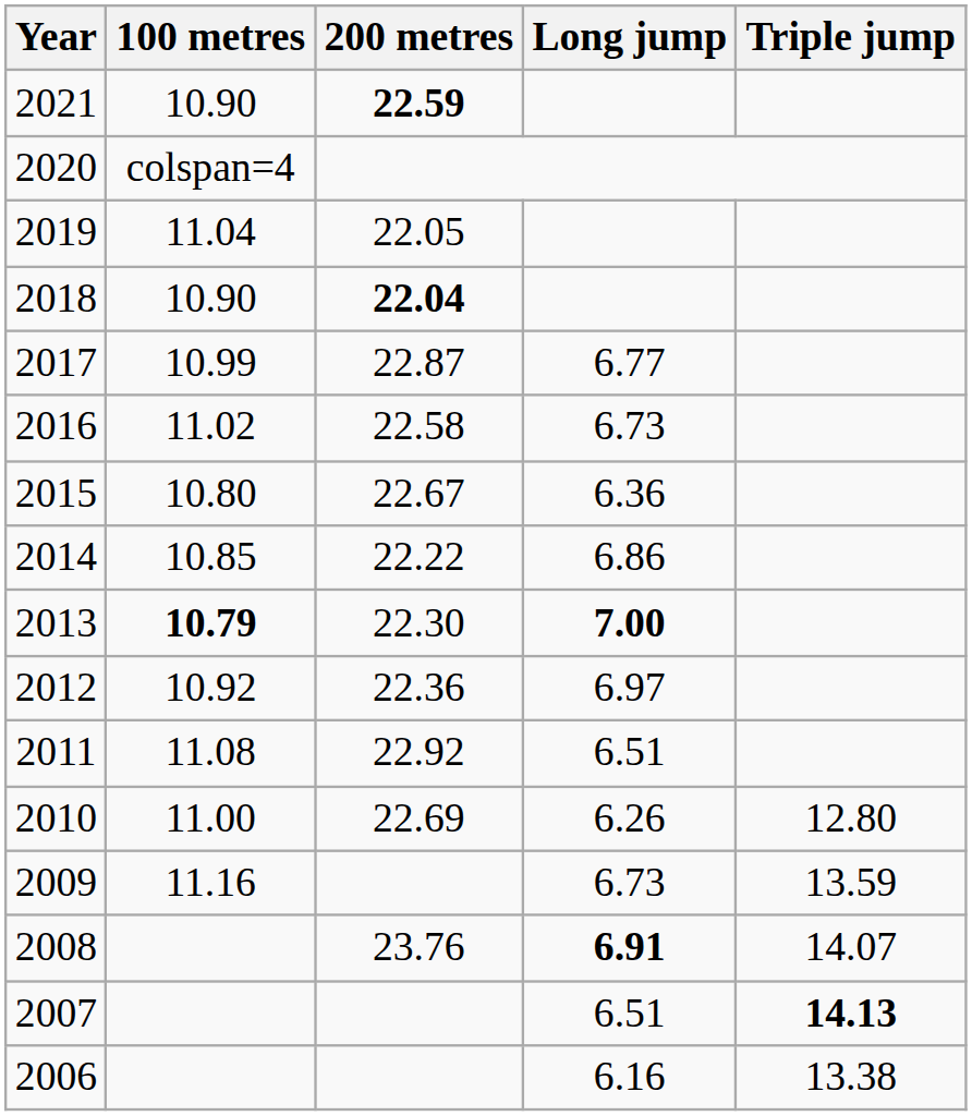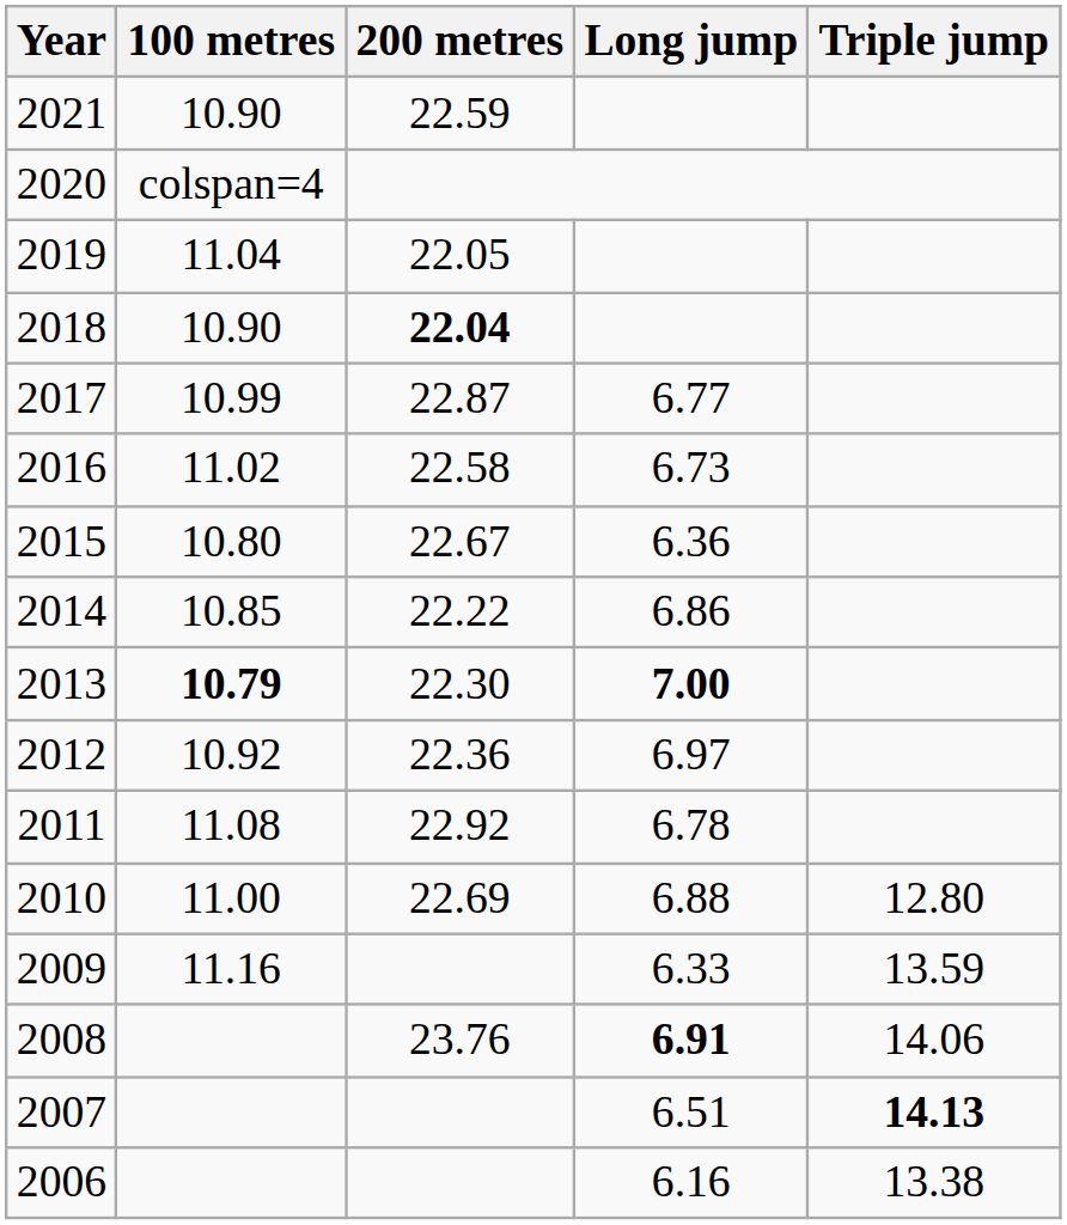 <table class=wikitable style=text-align:center>
 <tr>
 <th>Year</th>
 <th>100 metres</th>
 <th>200 metres</th>
 <th>Long jump</th>
 <th>Triple jump</th>
 </tr>
 <tr>
 <td>2021</td>
 <td>10.90</td>
-<td><strong>22.59</strong></td>
+<td>22.59</td>
 <td></td>
 <td></td>
 </tr>
 <tr>
 <td>2020</td>
 <td>colspan=4 </td>
 </tr>
 <tr>
 <td>2019</td>
 <td>11.04</td>
 <td>22.05</td>
 <td></td>
 <td></td>
 </tr>
 <tr>
 <td>2018</td>
 <td>10.90</td>
 <td><strong>22.04</strong></td>
 <td></td>
 <td></td>
 </tr>
 <tr>
 <td>2017</td>
 <td>10.99</td>
 <td>22.87</td>
 <td>6.77</td>
 <td></td>
 </tr>
 <tr>
 <td>2016</td>
 <td>11.02</td>
 <td>22.58</td>
 <td>6.73</td>
 <td></td>
 </tr>
 <tr>
 <td>2015</td>
 <td>10.80</td>
 <td>22.67</td>
 <td>6.36</td>
 <td></td>
 </tr>
 <tr>
 <td>2014</td>
 <td>10.85</td>
 <td>22.22</td>
 <td>6.86</td>
 <td></td>
 </tr>
 <tr>
 <td>2013</td>
 <td><strong>10.79</strong></td>
 <td>22.30</td>
 <td><strong>7.00</strong></td>
 <td></td>
 </tr>
 <tr>
 <td>2012</td>
 <td>10.92</td>
 <td>22.36</td>
 <td>6.97</td>
 <td></td>
 </tr>
 <tr>
 <td>2011</td>
 <td>11.08</td>
 <td>22.92</td>
-<td>6.51</td>
+<td>6.78</td>
 <td></td>
 </tr>
 <tr>
 <td>2010</td>
 <td>11.00</td>
 <td>22.69</td>
-<td>6.26</td>
+<td>6.88</td>
 <td>12.80</td>
 </tr>
 <tr>
 <td>2009</td>
 <td>11.16</td>
 <td></td>
-<td>6.73</td>
+<td>6.33</td>
 <td>13.59</td>
 </tr>
 <tr>
 <td>2008</td>
 <td></td>
 <td>23.76</td>
 <td><strong>6.91</strong></td>
-<td>14.07</td>
+<td>14.06</td>
 </tr>
 <tr>
 <td>2007</td>
 <td></td>
 <td></td>
 <td>6.51</td>
 <td><strong>14.13</strong></td>
 </tr>
 <tr>
 <td>2006</td>
 <td></td>
 <td></td>
 <td>6.16</td>
 <td>13.38</td>
 </tr>
 </table>
